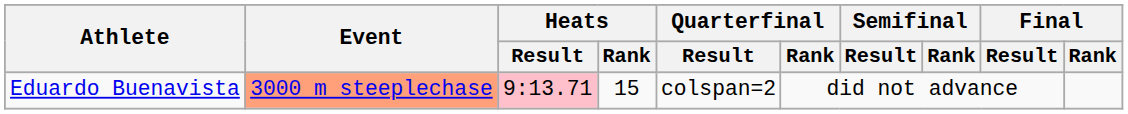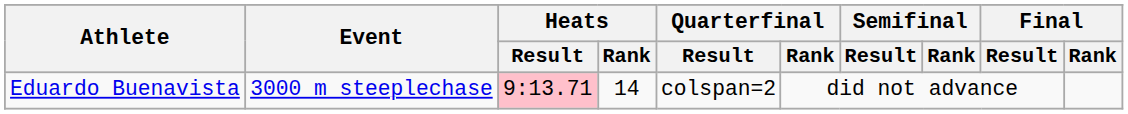 <table class="wikitable" style="font-size:90%">
 <tr>
 <th rowspan="2">Athlete</th>
 <th rowspan="2">Event</th>
 <th colspan="2">Heats</th>
 <th colspan="2">Quarterfinal</th>
 <th colspan="2">Semifinal</th>
 <th colspan="2">Final</th>
 </tr>
 <tr style="font-size:95%">
 <th>Result</th>
 <th>Rank</th>
 <th>Result</th>
 <th>Rank</th>
 <th>Result</th>
 <th>Rank</th>
 <th>Result</th>
 <th>Rank</th>
 </tr>
 <tr align=center>
 <td align=left><a href='#'>Eduardo Buenavista</a></td>
-<td align=left style="background: lightsalmon;"><a href='#'>3000 m steeplechase</a></td>
+<td align=left><a href='#'>3000 m steeplechase</a></td>
 <td style="background: pink;">9:13.71</td>
-<td>15</td>
+<td>14</td>
 <td>colspan=2 </td>
 <td colspan=4>did not advance</td>
 </tr>
 </table>
